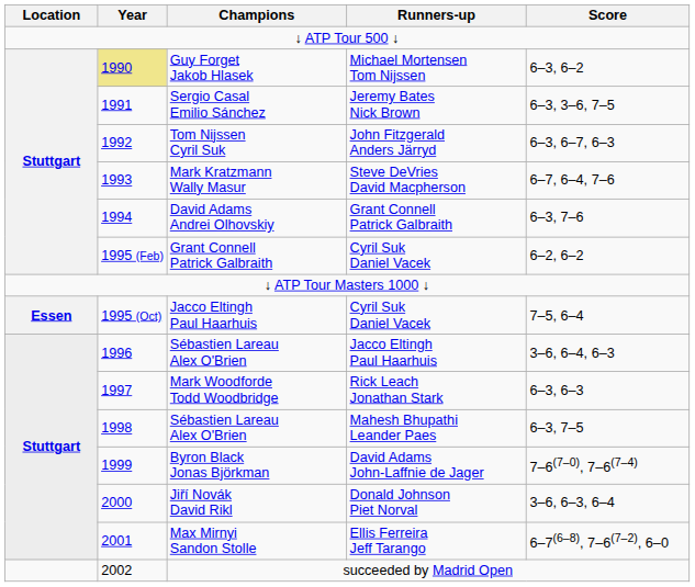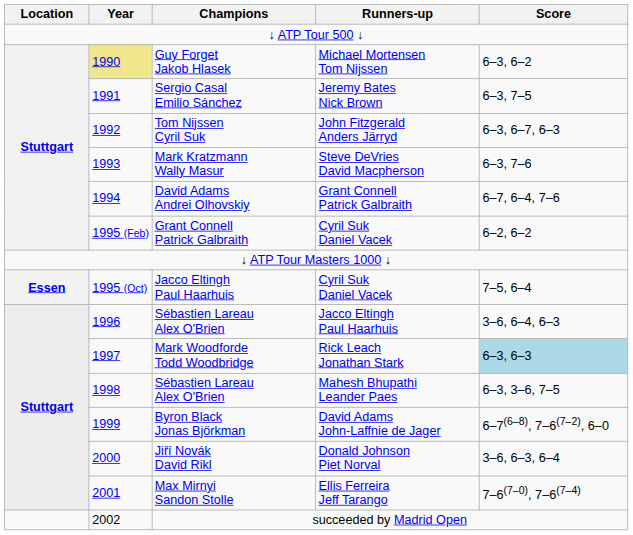 <table class="wikitable">
 <tr>
 <th style="width:100px">Location</th>
 <th>Year</th>
 <th style="width:200px">Champions</th>
 <th style="width:200px">Runners-up</th>
 <th style="width:180px" class="unsortable">Score</th>
 </tr>
 <tr>
 <td colspan=5 align=center>↓ <a href='#'>ATP Tour 500</a> ↓</td>
 </tr>
 <tr>
 <th rowspan="6"><a href='#'>Stuttgart</a></th>
 <td style="background: khaki;"><a href='#'>1990</a></td>
 <td> <a href='#'>Guy Forget</a><br> <a href='#'>Jakob Hlasek</a></td>
 <td> <a href='#'>Michael Mortensen</a><br> <a href='#'>Tom Nijssen</a></td>
 <td>6–3, 6–2</td>
 </tr>
 <tr>
 <td><a href='#'>1991</a></td>
 <td> <a href='#'>Sergio Casal</a><br> <a href='#'>Emilio Sánchez</a></td>
 <td> <a href='#'>Jeremy Bates</a><br> <a href='#'>Nick Brown</a></td>
-<td>6–3, 3–6, 7–5</td>
+<td>6–3, 7–5</td>
 </tr>
 <tr>
 <td><a href='#'>1992</a></td>
 <td> <a href='#'>Tom Nijssen</a><br> <a href='#'>Cyril Suk</a></td>
 <td> <a href='#'>John Fitzgerald</a><br> <a href='#'>Anders Järryd</a></td>
 <td>6–3, 6–7, 6–3</td>
 </tr>
 <tr>
 <td><a href='#'>1993</a></td>
 <td> <a href='#'>Mark Kratzmann</a><br> <a href='#'>Wally Masur</a></td>
 <td> <a href='#'>Steve DeVries</a><br> <a href='#'>David Macpherson</a></td>
-<td>6–7, 6–4, 7–6</td>
+<td>6–3, 7–6</td>
 </tr>
 <tr>
 <td><a href='#'>1994</a></td>
 <td> <a href='#'>David Adams</a><br> <a href='#'>Andrei Olhovskiy</a></td>
 <td> <a href='#'>Grant Connell</a><br> <a href='#'>Patrick Galbraith</a></td>
-<td>6–3, 7–6</td>
+<td>6–7, 6–4, 7–6</td>
 </tr>
 <tr>
 <td><a href='#'>1995 <small>(Feb)</small></a></td>
 <td> <a href='#'>Grant Connell</a><br> <a href='#'>Patrick Galbraith</a></td>
 <td> <a href='#'>Cyril Suk</a><br> <a href='#'>Daniel Vacek</a></td>
 <td>6–2, 6–2</td>
 </tr>
 <tr>
 <td colspan=5 align=center>↓ <a href='#'>ATP Tour Masters 1000</a> ↓</td>
 </tr>
 <tr>
 <th rowspan="1"><a href='#'>Essen</a></th>
 <td><a href='#'>1995 <small>(Oct)</small></a></td>
 <td> <a href='#'>Jacco Eltingh</a><br> <a href='#'>Paul Haarhuis</a></td>
 <td> <a href='#'>Cyril Suk</a><br> <a href='#'>Daniel Vacek</a></td>
 <td>7–5, 6–4</td>
 </tr>
 <tr>
 <th rowspan="6" style="background:#ededed"><a href='#'>Stuttgart</a></th>
 <td><a href='#'>1996</a></td>
 <td> <a href='#'>Sébastien Lareau</a><br> <a href='#'>Alex O'Brien</a></td>
 <td> <a href='#'>Jacco Eltingh</a><br> <a href='#'>Paul Haarhuis</a></td>
 <td>3–6, 6–4, 6–3</td>
 </tr>
 <tr>
 <td><a href='#'>1997</a></td>
 <td> <a href='#'>Mark Woodforde</a><br> <a href='#'>Todd Woodbridge</a></td>
 <td> <a href='#'>Rick Leach</a><br> <a href='#'>Jonathan Stark</a></td>
-<td>6–3, 6–3</td>
+<td style="background: lightblue;">6–3, 6–3</td>
 </tr>
 <tr>
 <td><a href='#'>1998</a></td>
 <td> <a href='#'>Sébastien Lareau</a><br> <a href='#'>Alex O'Brien</a></td>
 <td> <a href='#'>Mahesh Bhupathi</a><br> <a href='#'>Leander Paes</a></td>
-<td>6–3, 7–5</td>
+<td>6–3, 3–6, 7–5</td>
 </tr>
 <tr>
 <td><a href='#'>1999</a></td>
 <td> <a href='#'>Byron Black</a><br> <a href='#'>Jonas Björkman</a></td>
 <td> <a href='#'>David Adams</a><br> <a href='#'>John-Laffnie de Jager</a></td>
-<td>7–6<sup>(7–0)</sup>, 7–6<sup>(7–4)</sup></td>
+<td>6–7<sup>(6–8)</sup>, 7–6<sup>(7–2)</sup>, 6–0</td>
 </tr>
 <tr>
 <td><a href='#'>2000</a></td>
 <td> <a href='#'>Jiří Novák</a><br> <a href='#'>David Rikl</a></td>
 <td> <a href='#'>Donald Johnson</a><br> <a href='#'>Piet Norval</a></td>
 <td>3–6, 6–3, 6–4</td>
 </tr>
 <tr>
 <td><a href='#'>2001</a></td>
 <td> <a href='#'>Max Mirnyi</a><br> <a href='#'>Sandon Stolle</a></td>
 <td> <a href='#'>Ellis Ferreira</a><br> <a href='#'>Jeff Tarango</a></td>
-<td>6–7<sup>(6–8)</sup>, 7–6<sup>(7–2)</sup>, 6–0</td>
+<td>7–6<sup>(7–0)</sup>, 7–6<sup>(7–4)</sup></td>
 </tr>
 <tr>
 <td></td>
 <td>2002</td>
 <td colspan="3" align="center">succeeded by <a href='#'>Madrid Open</a></td>
 </tr>
 </table>
